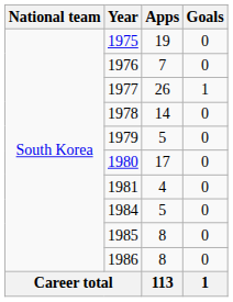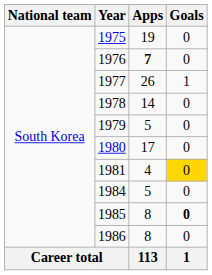 <table class="wikitable" style="text-align:center">
 <tr>
 <th>National team</th>
 <th>Year</th>
 <th>Apps</th>
 <th>Goals</th>
 </tr>
 <tr>
 <td rowspan="10"><a href='#'>South Korea</a></td>
 <td><a href='#'>1975</a></td>
 <td>19</td>
 <td>0</td>
 </tr>
 <tr>
 <td>1976</td>
-<td>7</td>
+<td><strong>7</strong></td>
 <td>0</td>
 </tr>
 <tr>
 <td>1977</td>
 <td>26</td>
 <td>1</td>
 </tr>
 <tr>
 <td>1978</td>
 <td>14</td>
 <td>0</td>
 </tr>
 <tr>
 <td>1979</td>
 <td>5</td>
 <td>0</td>
 </tr>
 <tr>
 <td><a href='#'>1980</a></td>
 <td>17</td>
 <td>0</td>
 </tr>
 <tr>
 <td>1981</td>
 <td>4</td>
-<td>0</td>
+<td style="background: gold;">0</td>
 </tr>
 <tr>
 <td>1984</td>
 <td>5</td>
 <td>0</td>
 </tr>
 <tr>
 <td>1985</td>
 <td>8</td>
-<td>0</td>
+<td><strong>0</strong></td>
 </tr>
 <tr>
 <td>1986</td>
 <td>8</td>
 <td>0</td>
 </tr>
 <tr>
 <th colspan="2">Career total</th>
 <th>113</th>
 <th>1</th>
 </tr>
 </table>
